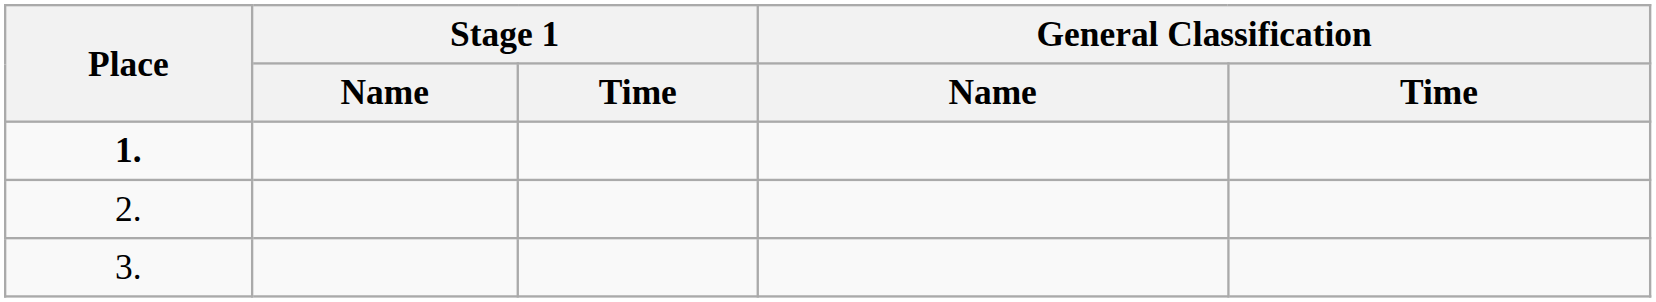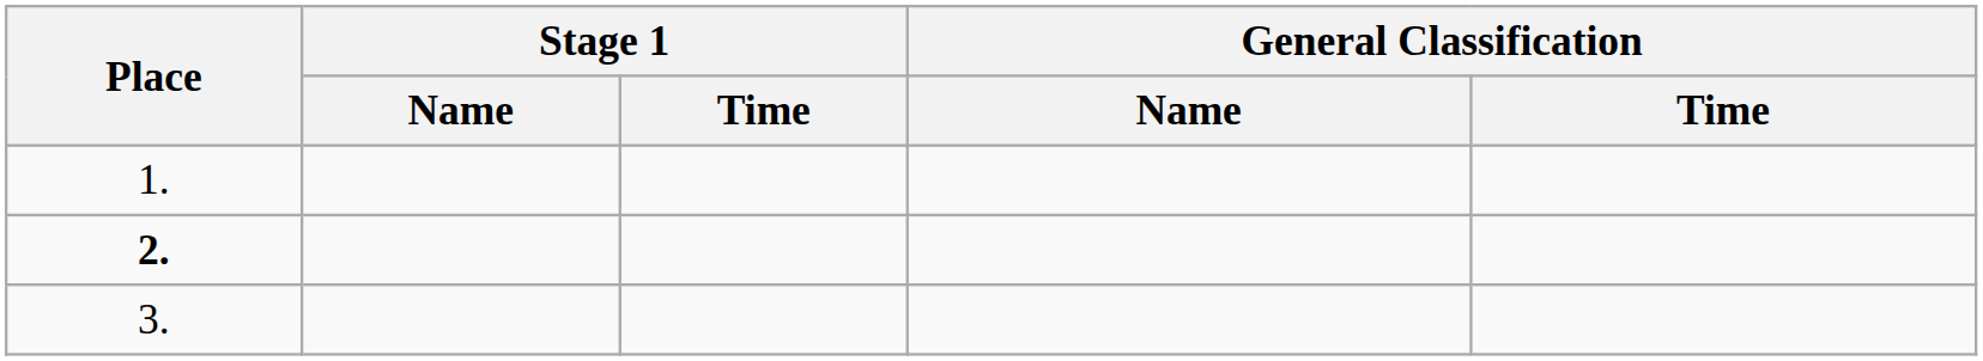 <table class="wikitable"  style="font-size:95%; width:80%;">
 <tr>
 <th rowspan="2">Place</th>
 <th colspan="2">Stage 1</th>
 <th colspan="2">General Classification</th>
 </tr>
 <tr>
 <th>Name</th>
 <th>Time</th>
 <th>Name</th>
 <th>Time</th>
 </tr>
 <tr>
-<td style="text-align:center;"><strong>1.</strong></td>
+<td style="text-align:center;">1.</td>
 <td></td>
 <td></td>
 <td></td>
 <td></td>
 </tr>
 <tr>
-<td style="text-align:center;">2.</td>
+<td style="text-align:center;"><strong>2.</strong></td>
 <td></td>
 <td></td>
 <td></td>
 <td></td>
 </tr>
 <tr>
 <td style="text-align:center;">3.</td>
 <td></td>
 <td></td>
 <td></td>
 <td></td>
 </tr>
 </table>
